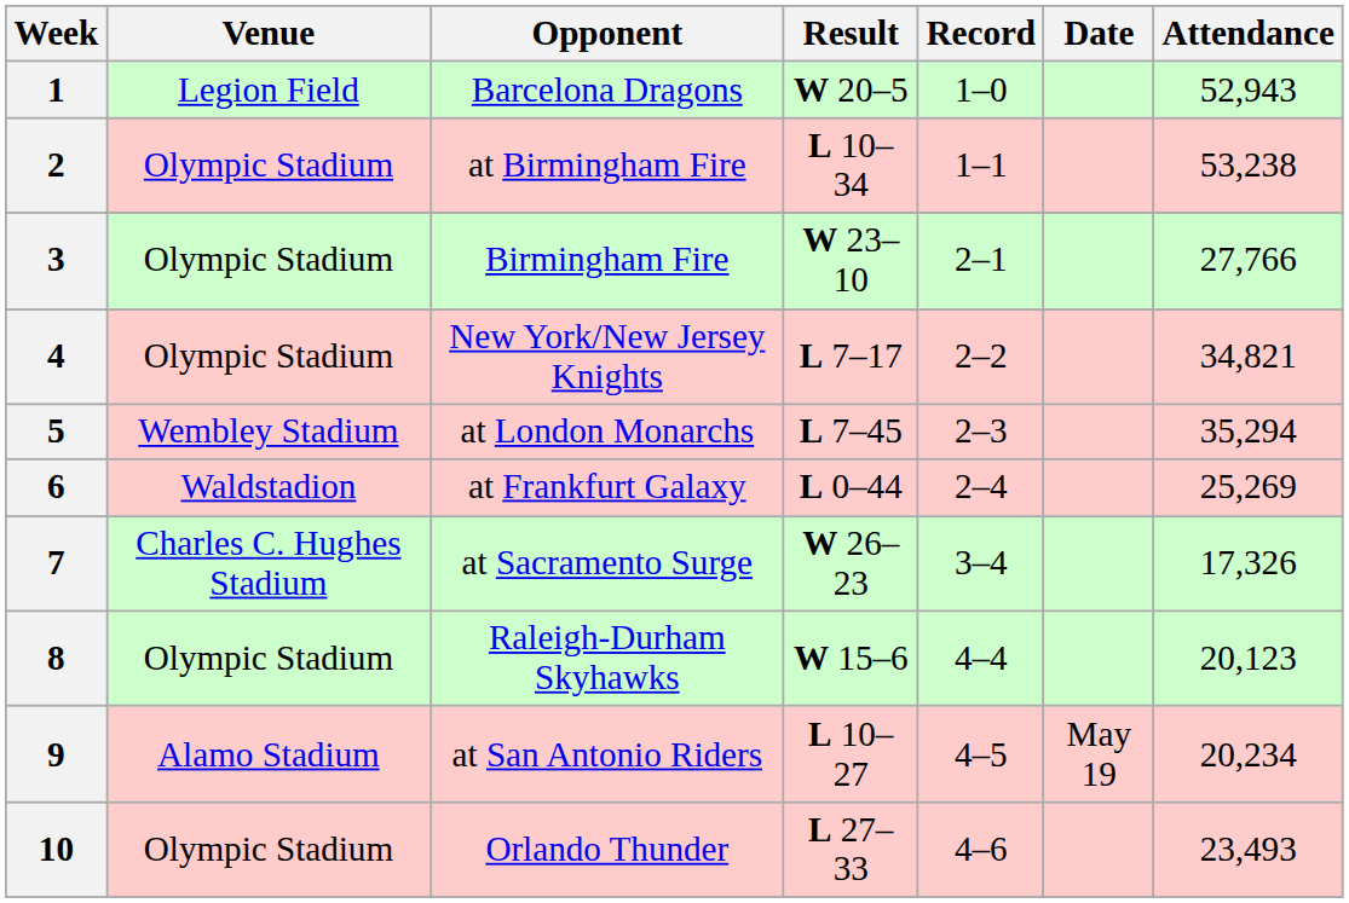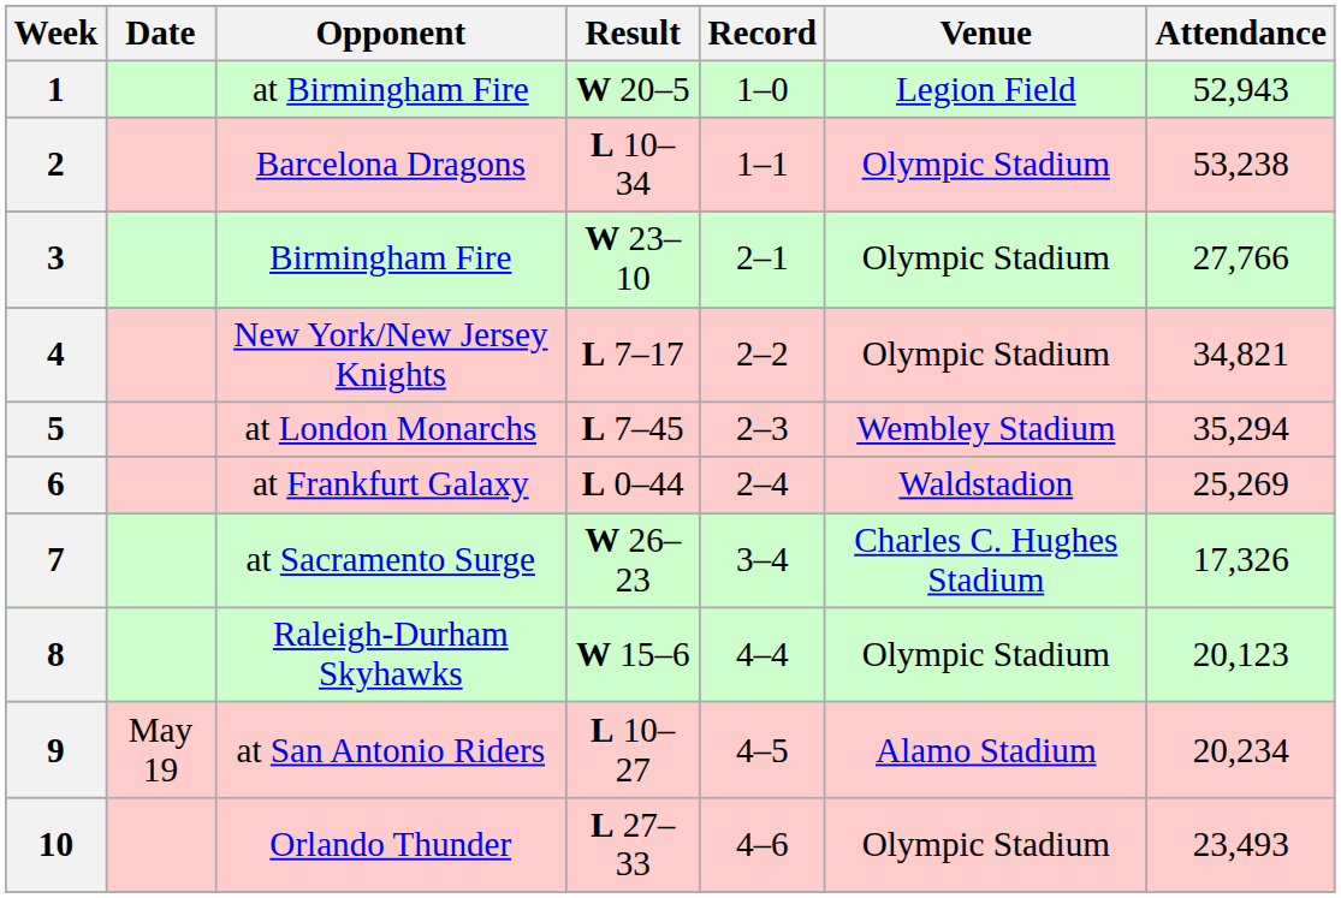 <table class="wikitable" style="text-align:center">
 <tr>
 <th>Week</th>
-<th>Venue</th>
+<th>Date</th>
 <th>Opponent</th>
 <th>Result</th>
 <th>Record</th>
-<th>Date</th>
+<th>Venue</th>
 <th>Attendance</th>
 </tr>
 <tr style="background:#cfc">
 <th>1</th>
-<td><a href='#'>Legion Field</a></td>
-<td><a href='#'>Barcelona Dragons</a></td>
+<td></td>
+<td>at <a href='#'>Birmingham Fire</a></td>
 <td><strong>W</strong> 20–5</td>
 <td>1–0</td>
-<td></td>
+<td><a href='#'>Legion Field</a></td>
 <td>52,943</td>
 </tr>
 <tr style="background:#fcc">
 <th>2</th>
-<td><a href='#'>Olympic Stadium</a></td>
-<td>at <a href='#'>Birmingham Fire</a></td>
+<td></td>
+<td><a href='#'>Barcelona Dragons</a></td>
 <td><strong>L</strong> 10–34</td>
 <td>1–1</td>
-<td></td>
+<td><a href='#'>Olympic Stadium</a></td>
 <td>53,238</td>
 </tr>
 <tr style="background:#cfc">
 <th>3</th>
-<td>Olympic Stadium</td>
+<td></td>
 <td><a href='#'>Birmingham Fire</a></td>
 <td><strong>W</strong> 23–10</td>
 <td>2–1</td>
-<td></td>
+<td>Olympic Stadium</td>
 <td>27,766</td>
 </tr>
 <tr style="background:#fcc">
 <th>4</th>
-<td>Olympic Stadium</td>
+<td></td>
 <td><a href='#'>New York/New Jersey Knights</a></td>
 <td><strong>L</strong> 7–17</td>
 <td>2–2</td>
-<td></td>
+<td>Olympic Stadium</td>
 <td>34,821</td>
 </tr>
 <tr style="background:#fcc">
 <th>5</th>
-<td><a href='#'>Wembley Stadium</a></td>
+<td></td>
 <td>at <a href='#'>London Monarchs</a></td>
 <td><strong>L</strong> 7–45</td>
 <td>2–3</td>
-<td></td>
+<td><a href='#'>Wembley Stadium</a></td>
 <td>35,294</td>
 </tr>
 <tr style="background:#fcc">
 <th>6</th>
-<td><a href='#'>Waldstadion</a></td>
+<td></td>
 <td>at <a href='#'>Frankfurt Galaxy</a></td>
 <td><strong>L</strong> 0–44</td>
 <td>2–4</td>
-<td></td>
+<td><a href='#'>Waldstadion</a></td>
 <td>25,269</td>
 </tr>
 <tr style="background:#cfc">
 <th>7</th>
-<td><a href='#'>Charles C. Hughes Stadium</a></td>
+<td></td>
 <td>at <a href='#'>Sacramento Surge</a></td>
 <td><strong>W</strong> 26–23 </td>
 <td>3–4</td>
-<td></td>
+<td><a href='#'>Charles C. Hughes Stadium</a></td>
 <td>17,326</td>
 </tr>
 <tr style="background:#cfc">
 <th>8</th>
-<td>Olympic Stadium</td>
+<td></td>
 <td><a href='#'>Raleigh-Durham Skyhawks</a></td>
 <td><strong>W</strong> 15–6</td>
 <td>4–4</td>
-<td></td>
+<td>Olympic Stadium</td>
 <td>20,123</td>
 </tr>
 <tr style="background:#fcc">
 <th>9</th>
-<td><a href='#'>Alamo Stadium</a></td>
+<td>May 19</td>
 <td>at <a href='#'>San Antonio Riders</a></td>
 <td><strong>L</strong> 10–27</td>
 <td>4–5</td>
-<td>May 19</td>
+<td><a href='#'>Alamo Stadium</a></td>
 <td>20,234</td>
 </tr>
 <tr style="background:#fcc">
 <th>10</th>
-<td>Olympic Stadium</td>
+<td></td>
 <td><a href='#'>Orlando Thunder</a></td>
 <td><strong>L</strong> 27–33  </td>
 <td>4–6</td>
-<td></td>
+<td>Olympic Stadium</td>
 <td>23,493</td>
 </tr>
 </table>
